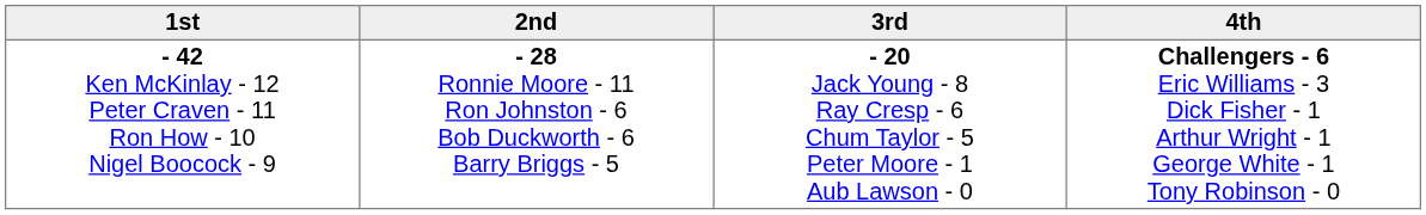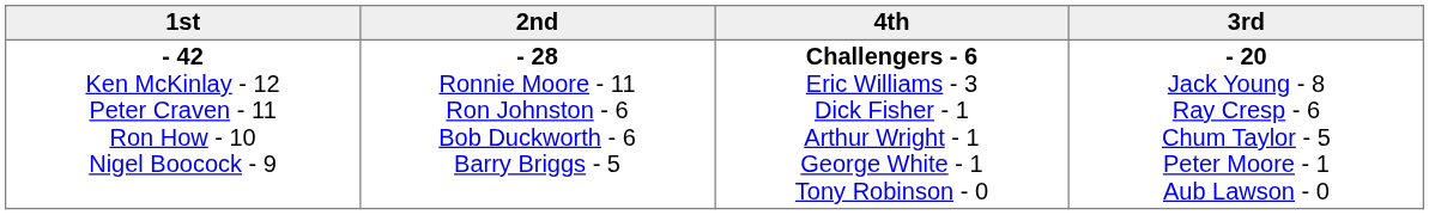 <table border=1 cellpadding=2 cellspacing=0 width=75% style="border-collapse:collapse">
 <tr align=center style="background:#efefef;">
 <th width=20% >1st</th>
 <th width=20% >2nd</th>
+<th width=20%>4th</th>
 <th width=20% >3rd</th>
-<th width=20%>4th</th>
 </tr>
 <tr align=center>
 <td valign=top ><strong> - 42</strong><br><a href='#'>Ken McKinlay</a> - 12<br><a href='#'>Peter Craven</a> - 11<br><a href='#'>Ron How</a> - 10<br><a href='#'>Nigel Boocock</a> - 9</td>
 <td valign=top ><strong> - 28</strong><br><a href='#'>Ronnie Moore</a> - 11<br><a href='#'>Ron Johnston</a> - 6<br><a href='#'>Bob Duckworth</a> - 6<br><a href='#'>Barry Briggs</a> - 5</td>
+<td valign=top><strong>Challengers - 6</strong><br><a href='#'>Eric Williams</a> - 3<br><a href='#'>Dick Fisher</a> - 1<br><a href='#'>Arthur Wright</a> - 1<br><a href='#'>George White</a> - 1<br><a href='#'>Tony Robinson</a> - 0</td>
 <td valign=top ><strong> - 20</strong><br><a href='#'>Jack Young</a> - 8<br><a href='#'>Ray Cresp</a> - 6<br><a href='#'>Chum Taylor</a> - 5<br><a href='#'>Peter Moore</a> - 1<br><a href='#'>Aub Lawson</a> - 0</td>
-<td valign=top><strong>Challengers - 6</strong><br><a href='#'>Eric Williams</a> - 3<br><a href='#'>Dick Fisher</a> - 1<br><a href='#'>Arthur Wright</a> - 1<br><a href='#'>George White</a> - 1<br><a href='#'>Tony Robinson</a> - 0</td>
 </tr>
 </table>
